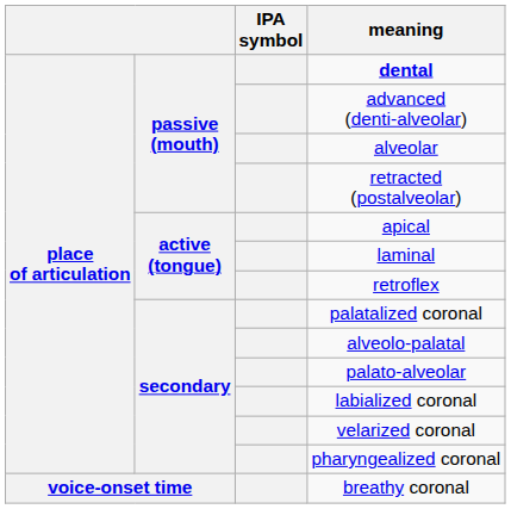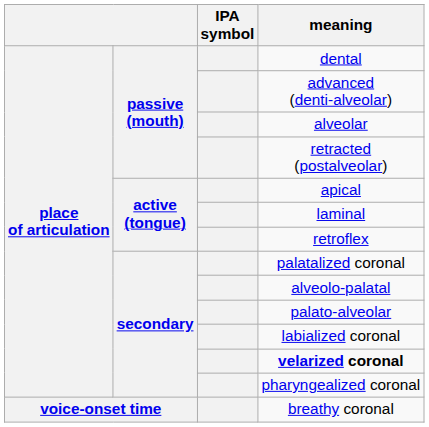 <table class="wikitable" style="text-align: center;">
 <tr>
 <th colspan="2"></th>
 <th>IPA<br>symbol</th>
 <th>meaning</th>
 </tr>
 <tr>
 <th rowspan="13"><a href='#'>place<br>of articulation</a></th>
 <th rowspan="4"><a href='#'>passive<br>(mouth)</a></th>
 <th></th>
-<td><strong><a href='#'>dental</a></strong></td>
+<td><a href='#'>dental</a></td>
 </tr>
 <tr>
 <th></th>
 <td><a href='#'>advanced</a><br>(<a href='#'>denti-alveolar</a>)</td>
 </tr>
 <tr>
 <th></th>
 <td><a href='#'>alveolar</a></td>
 </tr>
 <tr>
 <th></th>
 <td><a href='#'>retracted</a><br>(<a href='#'>postalveolar</a>)</td>
 </tr>
 <tr>
 <th rowspan="3"><a href='#'>active<br>(tongue)</a></th>
 <th></th>
 <td><a href='#'>apical</a></td>
 </tr>
 <tr>
 <th></th>
 <td><a href='#'>laminal</a></td>
 </tr>
 <tr>
 <th></th>
 <td><a href='#'>retroflex</a></td>
 </tr>
 <tr>
 <th rowspan="6"><a href='#'>secondary</a></th>
 <th></th>
 <td><a href='#'>palatalized</a> coronal</td>
 </tr>
 <tr>
 <th></th>
 <td><a href='#'>alveolo-palatal</a></td>
 </tr>
 <tr>
 <th></th>
 <td><a href='#'>palato-alveolar</a></td>
 </tr>
 <tr>
 <th></th>
 <td><a href='#'>labialized</a> coronal</td>
 </tr>
 <tr>
 <th></th>
-<td><a href='#'>velarized</a> coronal</td>
+<td><strong><a href='#'>velarized</a> coronal</strong></td>
 </tr>
 <tr>
 <th></th>
 <td><a href='#'>pharyngealized</a> coronal</td>
 </tr>
 <tr>
 <th colspan="2"><a href='#'>voice-onset time</a></th>
 <th></th>
 <td><a href='#'>breathy</a> coronal<br></td>
 </tr>
 </table>
